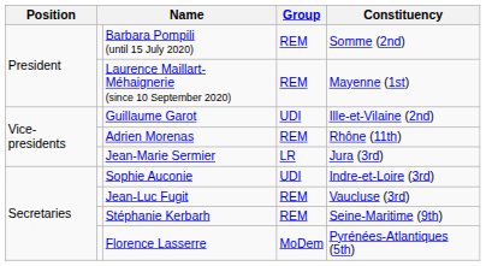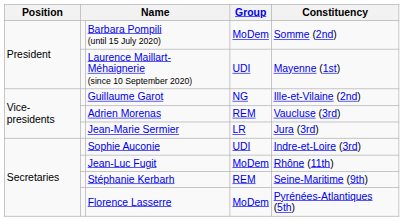 <table class="wikitable">
 <tr>
 <th>Position</th>
 <th colspan="2">Name</th>
 <th><a href='#'>Group</a></th>
 <th>Constituency</th>
 </tr>
 <tr>
 <td rowspan="2">President</td>
 <td style="background:"></td>
 <td><a href='#'>Barbara Pompili</a><br><small>(until 15 July 2020)</small></td>
-<td><a href='#'>REM</a></td>
+<td><a href='#'>MoDem</a></td>
 <td><a href='#'>Somme</a> (<a href='#'>2nd</a>)</td>
 </tr>
 <tr>
 <td style="background:"></td>
 <td><a href='#'>Laurence Maillart-Méhaignerie</a><br><small>(since 10 September 2020)</small></td>
-<td><a href='#'>REM</a></td>
+<td><a href='#'>UDI</a></td>
 <td><a href='#'>Mayenne</a> (<a href='#'>1st</a>)</td>
 </tr>
 <tr>
 <td rowspan="3">Vice-presidents</td>
 <td style="background:"></td>
 <td><a href='#'>Guillaume Garot</a></td>
-<td><a href='#'>UDI</a></td>
+<td><a href='#'>NG</a></td>
 <td><a href='#'>Ille-et-Vilaine</a> (<a href='#'>2nd</a>)</td>
 </tr>
 <tr>
 <td style="background:"></td>
 <td><a href='#'>Adrien Morenas</a></td>
 <td><a href='#'>REM</a></td>
-<td><a href='#'>Rhône</a> (<a href='#'>11th</a>)</td>
+<td><a href='#'>Vaucluse</a> (<a href='#'>3rd</a>)</td>
 </tr>
 <tr>
 <td style="background:"></td>
 <td><a href='#'>Jean-Marie Sermier</a></td>
 <td><a href='#'>LR</a></td>
 <td><a href='#'>Jura</a> (<a href='#'>3rd</a>)</td>
 </tr>
 <tr>
 <td rowspan="4">Secretaries</td>
 <td style="background:"></td>
 <td><a href='#'>Sophie Auconie</a></td>
 <td><a href='#'>UDI</a></td>
 <td><a href='#'>Indre-et-Loire</a> (<a href='#'>3rd</a>)</td>
 </tr>
 <tr>
 <td style="background:"></td>
 <td><a href='#'>Jean-Luc Fugit</a></td>
-<td><a href='#'>REM</a></td>
-<td><a href='#'>Vaucluse</a> (<a href='#'>3rd</a>)</td>
+<td><a href='#'>MoDem</a></td>
+<td><a href='#'>Rhône</a> (<a href='#'>11th</a>)</td>
 </tr>
 <tr>
 <td style="background:"></td>
 <td><a href='#'>Stéphanie Kerbarh</a></td>
 <td><a href='#'>REM</a></td>
 <td><a href='#'>Seine-Maritime</a> (<a href='#'>9th</a>)</td>
 </tr>
 <tr>
 <td style="background:"></td>
 <td><a href='#'>Florence Lasserre</a></td>
 <td><a href='#'>MoDem</a></td>
 <td><a href='#'>Pyrénées-Atlantiques</a> (<a href='#'>5th</a>)</td>
 </tr>
 </table>
